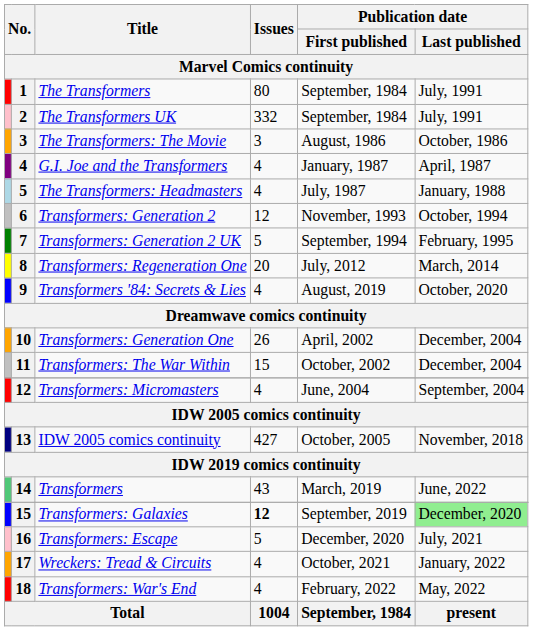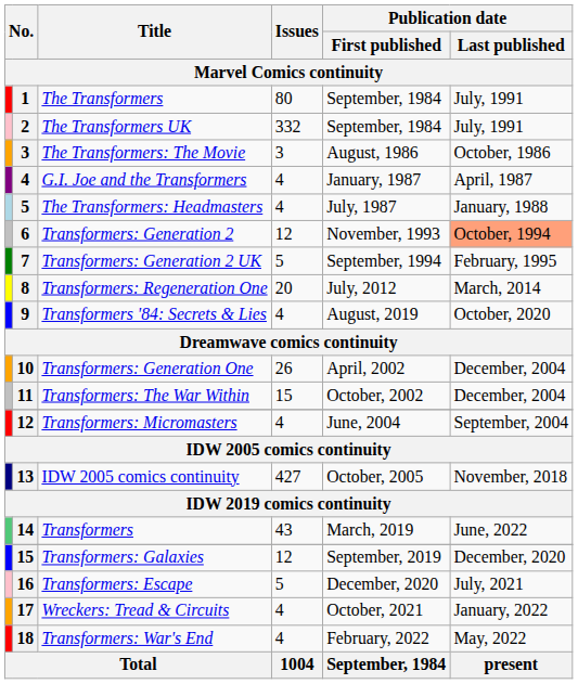 <table class="wikitable sortable">
 <tr>
 <th colspan="2" rowspan="2">No.</th>
 <th rowspan="2">Title</th>
 <th rowspan="2">Issues</th>
 <th colspan="2">Publication date</th>
 </tr>
 <tr>
 <th>First published</th>
 <th>Last published</th>
 </tr>
 <tr>
 <th colspan="6">Marvel Comics continuity</th>
 </tr>
 <tr>
 <th style="background:red;"></th>
 <th>1</th>
 <td><em><a href='#'>The Transformers</a></em></td>
 <td>80</td>
 <td>September, 1984</td>
 <td>July, 1991</td>
 </tr>
 <tr>
 <th style="background:pink;"></th>
 <th>2</th>
 <td><em><a href='#'>The Transformers UK</a></em></td>
 <td>332</td>
 <td>September, 1984</td>
 <td>July, 1991</td>
 </tr>
 <tr>
 <th style="background:orange;"></th>
 <th>3</th>
 <td><em><a href='#'>The Transformers: The Movie</a></em></td>
 <td>3</td>
 <td>August, 1986</td>
 <td>October, 1986</td>
 </tr>
 <tr>
 <th style="background:purple;"></th>
 <th>4</th>
 <td><em><a href='#'>G.I. Joe and the Transformers</a></em></td>
 <td>4</td>
 <td>January, 1987</td>
 <td>April, 1987</td>
 </tr>
 <tr>
 <th style="background:lightblue;"></th>
 <th>5</th>
 <td><em><a href='#'>The Transformers: Headmasters</a></em></td>
 <td>4</td>
 <td>July, 1987</td>
 <td>January, 1988</td>
 </tr>
 <tr>
 <th style="background:silver;"></th>
 <th>6</th>
 <td><em><a href='#'>Transformers: Generation 2</a></em></td>
 <td>12</td>
 <td>November, 1993</td>
-<td>October, 1994</td>
+<td style="background: lightsalmon;">October, 1994</td>
 </tr>
 <tr>
 <th style="background:green;"></th>
 <th>7</th>
 <td><em><a href='#'>Transformers: Generation 2 UK</a></em></td>
 <td>5</td>
 <td>September, 1994</td>
 <td>February, 1995</td>
 </tr>
 <tr>
 <th style="background:yellow;"></th>
 <th>8</th>
 <td><em><a href='#'>Transformers: Regeneration One</a></em></td>
 <td>20</td>
 <td>July, 2012</td>
 <td>March, 2014</td>
 </tr>
 <tr>
 <th style="background:blue;"></th>
 <th>9</th>
 <td><em><a href='#'>Transformers '84: Secrets & Lies</a></em></td>
 <td>4</td>
 <td>August, 2019</td>
 <td>October, 2020</td>
 </tr>
 <tr>
 <th colspan="6">Dreamwave comics continuity</th>
 </tr>
 <tr>
 <th style="background:orange;"></th>
 <th>10</th>
 <td><em><a href='#'>Transformers: Generation One</a></em></td>
 <td>26</td>
 <td>April, 2002</td>
 <td>December, 2004</td>
 </tr>
 <tr>
 <th style="background:silver;"></th>
 <th>11</th>
 <td><em><a href='#'>Transformers: The War Within</a></em></td>
 <td>15</td>
 <td>October, 2002</td>
 <td>December, 2004</td>
 </tr>
 <tr>
 </tr>
 <tr>
 <th style="background:red;"></th>
 <th>12</th>
 <td><em><a href='#'>Transformers: Micromasters</a></em></td>
 <td>4</td>
 <td>June, 2004</td>
 <td>September, 2004</td>
 </tr>
 <tr>
 <th colspan="6">IDW 2005 comics continuity</th>
 </tr>
 <tr>
 <th style="background:#000080;"></th>
 <th>13</th>
 <td><a href='#'>IDW 2005 comics continuity</a></td>
 <td>427</td>
 <td>October, 2005</td>
 <td>November, 2018</td>
 </tr>
 <tr>
 <th colspan="6">IDW 2019 comics continuity</th>
 </tr>
 <tr>
 <th style="background:#50C878;"></th>
 <th>14</th>
 <td><em><a href='#'>Transformers</a></em></td>
 <td>43</td>
 <td>March, 2019</td>
 <td>June, 2022</td>
 </tr>
 <tr>
 </tr>
 <tr>
 <th style="background:blue;"></th>
 <th>15</th>
 <td><em><a href='#'>Transformers: Galaxies</a></em></td>
-<td><strong>12</strong></td>
+<td>12</td>
 <td>September, 2019</td>
-<td style="background: lightgreen;">December, 2020</td>
+<td>December, 2020</td>
 </tr>
 <tr>
 <th style="background:pink;"></th>
 <th>16</th>
 <td><em><a href='#'>Transformers: Escape</a></em></td>
 <td>5</td>
 <td>December, 2020</td>
 <td>July, 2021</td>
 </tr>
 <tr>
 <th style="background:orange;"></th>
 <th>17</th>
 <td><em><a href='#'>Wreckers: Tread & Circuits</a></em></td>
 <td>4</td>
 <td>October, 2021</td>
 <td>January, 2022</td>
 </tr>
 <tr>
 <th style="background:red;"></th>
 <th>18</th>
 <td><em><a href='#'>Transformers: War's End</a></em></td>
 <td>4</td>
 <td>February, 2022</td>
 <td>May, 2022</td>
 </tr>
 <tr>
 <th colspan="3">Total</th>
 <th>1004</th>
 <th>September, 1984</th>
 <th>present</th>
 </tr>
 </table>
